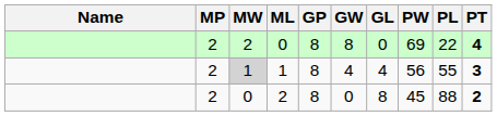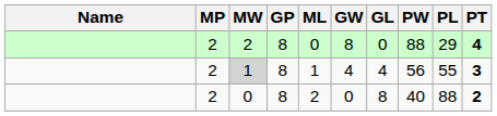 <table class=wikitable style="text-align:center">
 <tr>
 <th width=175>Name</th>
 <th width=20>MP</th>
 <th width=20>MW</th>
+<th width=20>GP</th>
 <th width=20>ML</th>
-<th width=20>GP</th>
 <th width=20>GW</th>
 <th width=20>GL</th>
 <th width=20>PW</th>
 <th width=20>PL</th>
 <th width=20>PT</th>
 </tr>
 <tr style="background-color:#ccffcc;">
 <td style="text-align:left;"><strong></strong></td>
 <td>2</td>
 <td>2</td>
+<td>8</td>
 <td>0</td>
 <td>8</td>
-<td>8</td>
 <td>0</td>
-<td>69</td>
-<td>22</td>
+<td>88</td>
+<td>29</td>
 <td><strong>4</strong></td>
 </tr>
 <tr>
 <td style="text-align:left;"></td>
 <td>2</td>
 <td style="background: lightgrey;">1</td>
+<td>8</td>
 <td>1</td>
-<td>8</td>
 <td>4</td>
 <td>4</td>
 <td>56</td>
 <td>55</td>
 <td><strong>3</strong></td>
 </tr>
 <tr>
 <td style="text-align:left;"></td>
 <td>2</td>
 <td>0</td>
+<td>8</td>
 <td>2</td>
-<td>8</td>
 <td>0</td>
 <td>8</td>
-<td>45</td>
+<td>40</td>
 <td>88</td>
 <td><strong>2</strong></td>
 </tr>
 </table>
